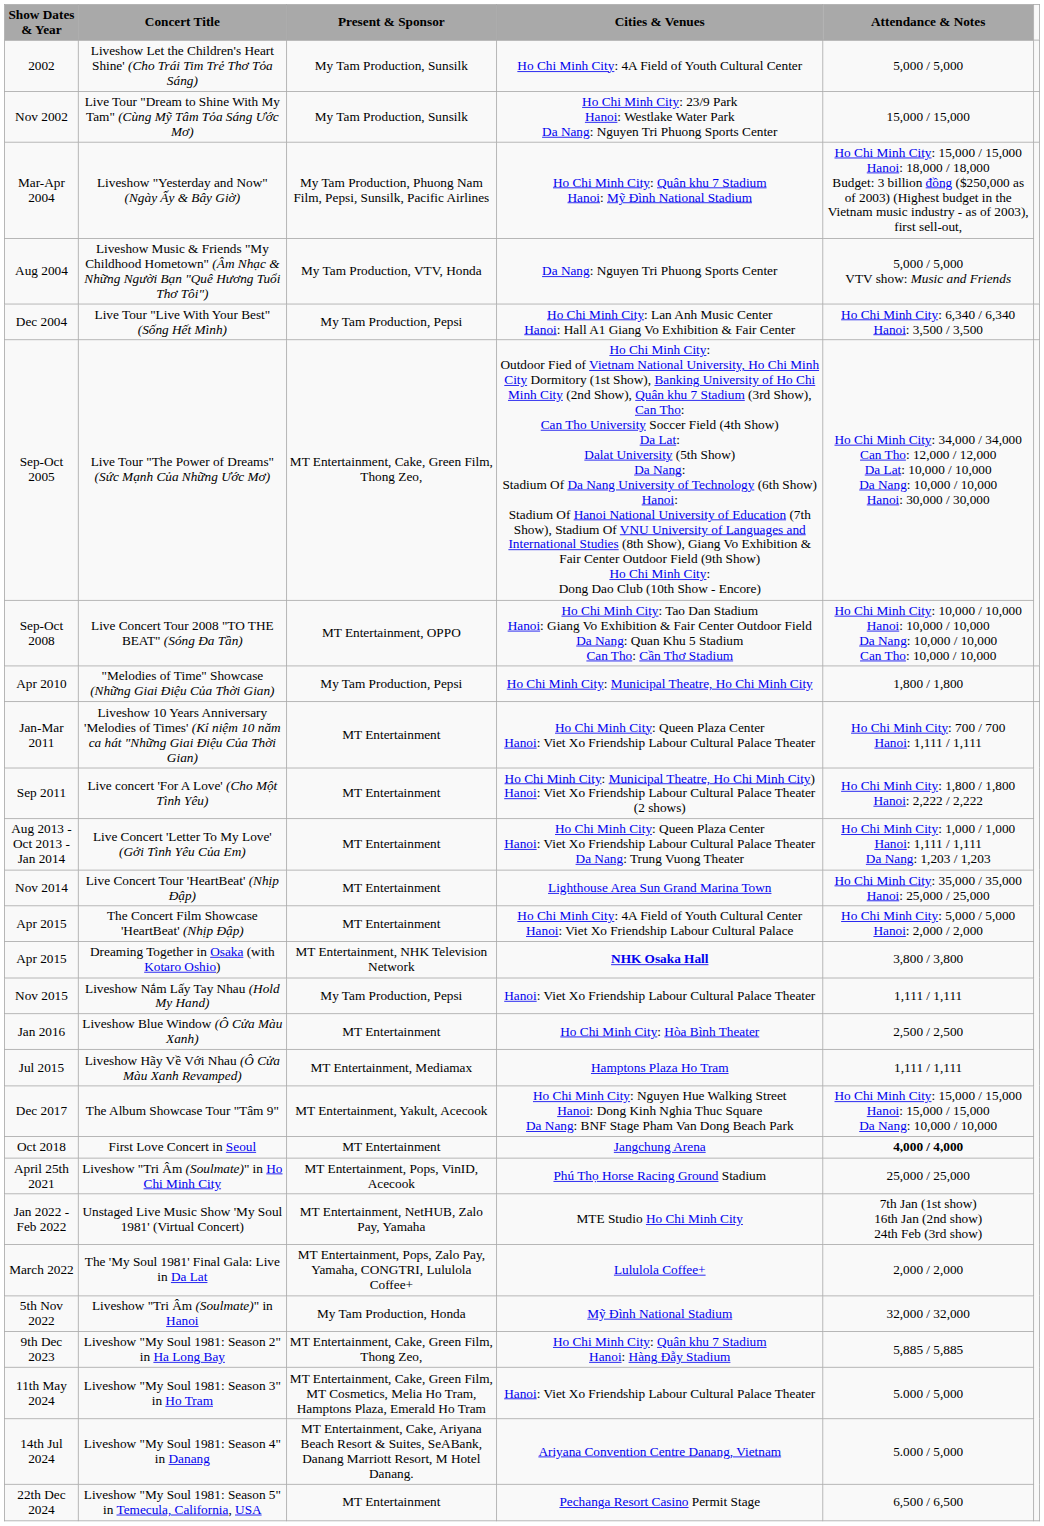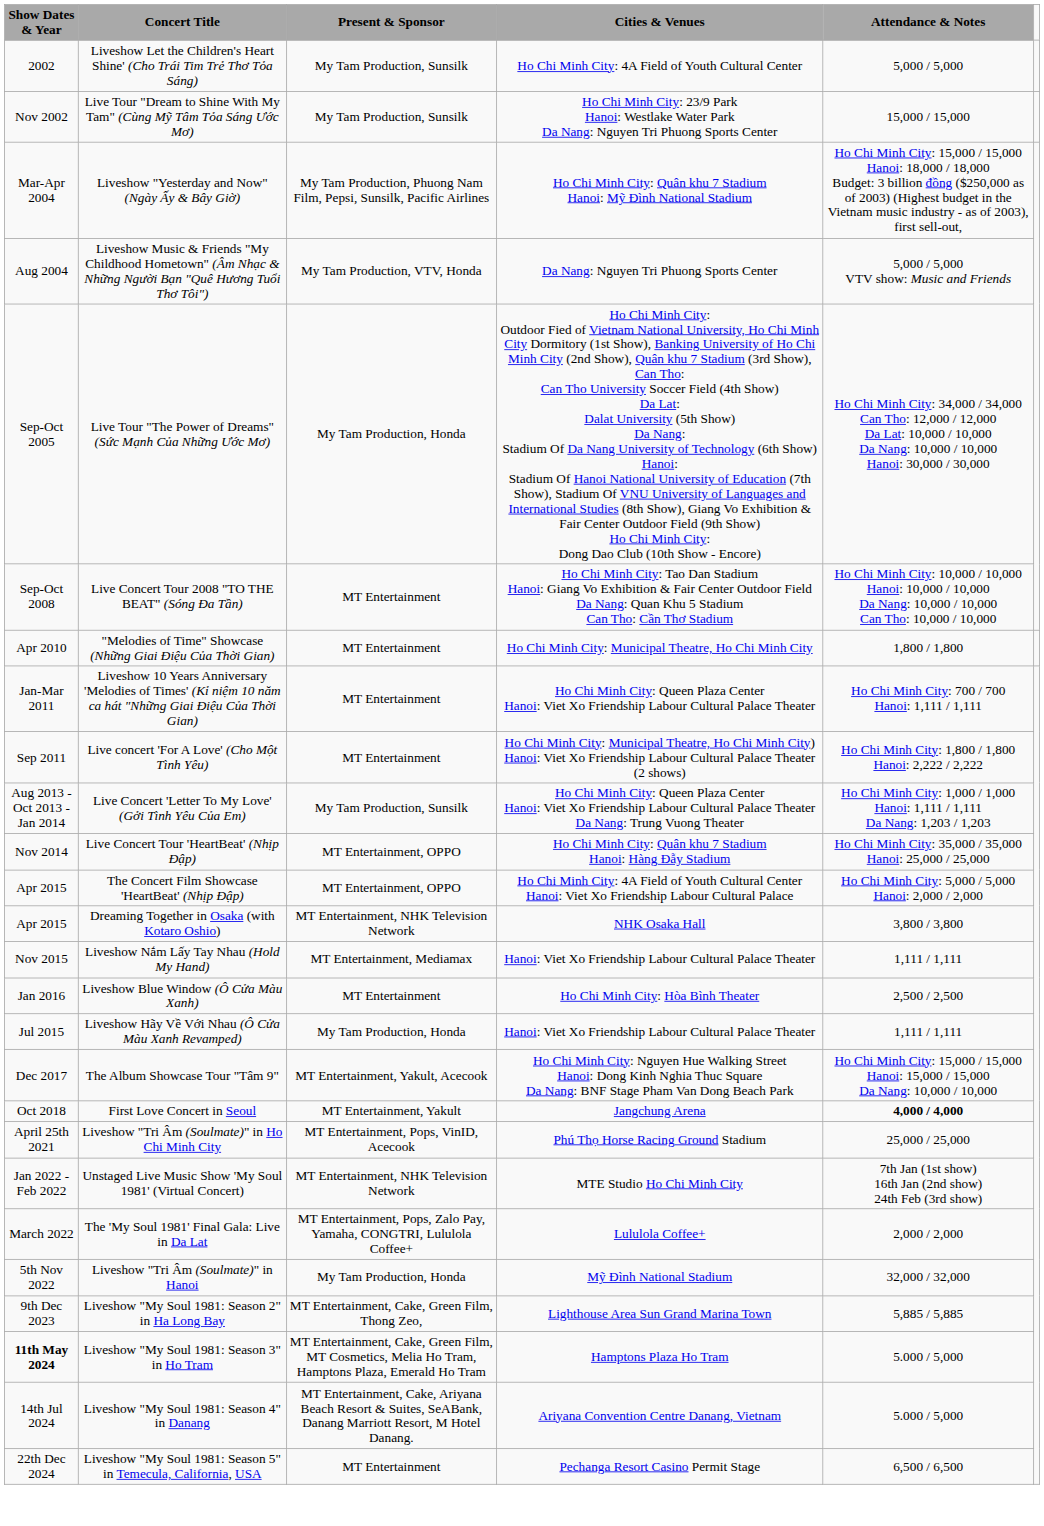 <table class="wikitable"style="text-align:center;">
 <tr>
 <th style="background:darkGrey;">Show Dates & Year</th>
 <th ! style="background:darkGrey;">Concert Title</th>
 <th ! style="background:darkGrey;">Present & Sponsor</th>
 <th ! style="background:darkGrey;">Cities & Venues</th>
 <th ! style="background:darkGrey;">Attendance & Notes</th>
 </tr>
 <tr>
 <td>2002</td>
 <td>Liveshow Let the Children's Heart Shine' <em>(Cho Trái Tim Trẻ Thơ Tỏa Sáng)</em></td>
 <td>My Tam Production, Sunsilk</td>
 <td><a href='#'>Ho Chi Minh City</a>: 4A Field of Youth Cultural Center</td>
 <td>5,000 / 5,000</td>
 <td></td>
 </tr>
 <tr>
 <td>Nov 2002</td>
 <td>Live Tour "Dream to Shine With My Tam" <em>(Cùng Mỹ Tâm Tỏa Sáng Ước Mơ)</em></td>
 <td>My Tam Production, Sunsilk</td>
 <td><a href='#'>Ho Chi Minh City</a>: 23/9 Park<br><a href='#'>Hanoi</a>: Westlake Water Park<br><a href='#'>Da Nang</a>: Nguyen Tri Phuong Sports Center</td>
 <td>15,000 / 15,000</td>
 <td></td>
 </tr>
 <tr>
 <td>Mar-Apr 2004</td>
 <td>Liveshow "Yesterday and Now" <em>(Ngày Ấy & Bây Giờ)</em></td>
 <td>My Tam Production, Phuong Nam Film, Pepsi, Sunsilk, Pacific Airlines</td>
 <td><a href='#'>Ho Chi Minh City</a>: <a href='#'>Quân khu 7 Stadium</a><br><a href='#'>Hanoi</a>: <a href='#'>Mỹ Đình National Stadium</a></td>
 <td><a href='#'>Ho Chi Minh City</a>: 15,000 / 15,000<br><a href='#'>Hanoi</a>: 18,000 / 18,000<br>Budget: 3 billion <a href='#'>đồng</a> ($250,000 as of 2003) (Highest budget in the Vietnam music industry - as of 2003), first sell-out,</td>
 </tr>
 <tr>
 <td>Aug 2004</td>
 <td>Liveshow Music & Friends "My Childhood Hometown" <em>(Âm Nhạc & Những Người Bạn "Quê Hương Tuổi Thơ Tôi")</em></td>
 <td>My Tam Production, VTV, Honda</td>
 <td><a href='#'>Da Nang</a>: Nguyen Tri Phuong Sports Center</td>
 <td>5,000 / 5,000<br>VTV show: <em>Music and Friends</em></td>
 </tr>
 <tr>
-<td>Dec 2004</td>
-<td>Live Tour "Live With Your Best" <em>(Sống Hết Mình)</em></td>
-<td>My Tam Production, Pepsi</td>
-<td><a href='#'>Ho Chi Minh City</a>: Lan Anh Music Center<br><a href='#'>Hanoi</a>: Hall A1 Giang Vo Exhibition & Fair Center</td>
-<td><a href='#'>Ho Chi Minh City</a>: 6,340 / 6,340<br><a href='#'>Hanoi</a>: 3,500 / 3,500</td>
-<td></td>
-</tr>
-<tr>
 <td>Sep-Oct 2005</td>
 <td>Live Tour "The Power of Dreams" <em>(Sức Mạnh Của Những Ước Mơ)</em></td>
-<td>MT Entertainment, Cake, Green Film, Thong Zeo,</td>
+<td>My Tam Production, Honda</td>
 <td><a href='#'>Ho Chi Minh City</a>:<br>Outdoor Fied of <a href='#'>Vietnam National University, Ho Chi Minh City</a> Dormitory (1st Show),  <a href='#'>Banking University of Ho Chi Minh City</a> (2nd Show),  <a href='#'>Quân khu 7 Stadium</a> (3rd Show),<br><a href='#'>Can Tho</a>:<br><a href='#'>Can Tho University</a> Soccer Field (4th Show)<br><a href='#'>Da Lat</a>:<br><a href='#'>Dalat University</a> (5th Show)<br><a href='#'>Da Nang</a>:<br>Stadium Of <a href='#'>Da Nang University of Technology</a> (6th Show)<br><a href='#'>Hanoi</a>:<br>Stadium Of <a href='#'>Hanoi National University of Education</a> (7th Show),  Stadium Of <a href='#'>VNU University of Languages and International Studies</a> (8th Show),  Giang Vo Exhibition & Fair Center Outdoor Field (9th Show)<br><a href='#'>Ho Chi Minh City</a>:<br>Dong Dao Club (10th Show - Encore)</td>
 <td><a href='#'>Ho Chi Minh City</a>: 34,000 / 34,000<br><a href='#'>Can Tho</a>: 12,000 / 12,000<br><a href='#'>Da Lat</a>: 10,000 / 10,000<br><a href='#'>Da Nang</a>: 10,000 / 10,000<br><a href='#'>Hanoi</a>: 30,000 / 30,000</td>
 </tr>
 <tr>
 <td>Sep-Oct 2008</td>
 <td>Live Concert Tour 2008 "TO THE BEAT" <em>(Sóng Đa Tần)</em></td>
-<td>MT Entertainment, OPPO</td>
+<td>MT Entertainment</td>
 <td><a href='#'>Ho Chi Minh City</a>: Tao Dan Stadium<br><a href='#'>Hanoi</a>: Giang Vo Exhibition & Fair Center Outdoor Field<br><a href='#'>Da Nang</a>: Quan Khu 5 Stadium<br><a href='#'>Can Tho</a>: <a href='#'>Cần Thơ Stadium</a></td>
 <td><a href='#'>Ho Chi Minh City</a>: 10,000 / 10,000<br><a href='#'>Hanoi</a>: 10,000 / 10,000<br><a href='#'>Da Nang</a>: 10,000 / 10,000<br><a href='#'>Can Tho</a>: 10,000 / 10,000</td>
 </tr>
 <tr>
 <td>Apr 2010</td>
 <td>"Melodies of Time" Showcase <em>(Những Giai Điệu Của Thời Gian)</em></td>
-<td>My Tam Production, Pepsi</td>
+<td>MT Entertainment</td>
 <td><a href='#'>Ho Chi Minh City</a>: <a href='#'>Municipal Theatre, Ho Chi Minh City</a></td>
 <td>1,800 / 1,800</td>
 <td></td>
 </tr>
 <tr>
 <td>Jan-Mar 2011</td>
 <td>Liveshow 10 Years Anniversary 'Melodies of Times' <em>(Kỉ niệm 10 năm ca hát "Những Giai Điệu Của Thời Gian)</em></td>
 <td>MT Entertainment</td>
 <td><a href='#'>Ho Chi Minh City</a>: Queen Plaza Center<br><a href='#'>Hanoi</a>: Viet Xo Friendship Labour Cultural Palace Theater</td>
 <td><a href='#'>Ho Chi Minh City</a>: 700 / 700<br><a href='#'>Hanoi</a>: 1,111 / 1,111</td>
 </tr>
 <tr>
 <td>Sep 2011</td>
 <td>Live concert 'For A Love' <em>(Cho Một Tình Yêu)</em></td>
 <td>MT Entertainment</td>
 <td><a href='#'>Ho Chi Minh City</a>: <a href='#'>Municipal Theatre, Ho Chi Minh City</a>)<br><a href='#'>Hanoi</a>: Viet Xo Friendship Labour Cultural Palace Theater (2 shows)</td>
 <td><a href='#'>Ho Chi Minh City</a>: 1,800 / 1,800<br><a href='#'>Hanoi</a>: 2,222 / 2,222</td>
 </tr>
 <tr>
 <td>Aug 2013 - Oct 2013 - Jan 2014</td>
 <td>Live Concert 'Letter To My Love' <em>(Gởi Tình Yêu Của Em)</em></td>
-<td>MT Entertainment</td>
+<td>My Tam Production, Sunsilk</td>
 <td><a href='#'>Ho Chi Minh City</a>: Queen Plaza Center<br><a href='#'>Hanoi</a>: Viet Xo Friendship Labour Cultural Palace Theater<br><a href='#'>Da Nang</a>: Trung Vuong Theater</td>
 <td><a href='#'>Ho Chi Minh City</a>: 1,000 / 1,000<br><a href='#'>Hanoi</a>: 1,111 / 1,111<br><a href='#'>Da Nang</a>: 1,203 / 1,203</td>
 </tr>
 <tr>
 <td>Nov 2014</td>
 <td>Live Concert Tour 'HeartBeat' <em>(Nhịp Đập)</em></td>
-<td>MT Entertainment</td>
-<td><a href='#'>Lighthouse Area Sun Grand Marina Town </a></td>
+<td>MT Entertainment, OPPO</td>
+<td><a href='#'>Ho Chi Minh City</a>: <a href='#'>Quân khu 7 Stadium</a><br><a href='#'>Hanoi</a>: <a href='#'>Hàng Đẫy Stadium</a></td>
 <td><a href='#'>Ho Chi Minh City</a>: 35,000 / 35,000<br><a href='#'>Hanoi</a>: 25,000 / 25,000</td>
 </tr>
 <tr>
 <td>Apr 2015</td>
 <td>The Concert Film Showcase 'HeartBeat' <em>(Nhịp Đập)</em></td>
-<td>MT Entertainment</td>
+<td>MT Entertainment, OPPO</td>
 <td><a href='#'>Ho Chi Minh City</a>: 4A Field of Youth Cultural Center<br><a href='#'>Hanoi</a>: Viet Xo Friendship Labour Cultural Palace</td>
 <td><a href='#'>Ho Chi Minh City</a>: 5,000 / 5,000<br><a href='#'>Hanoi</a>: 2,000 / 2,000</td>
 </tr>
 <tr>
 <td>Apr 2015</td>
 <td>Dreaming Together in <a href='#'>Osaka</a> (with <a href='#'>Kotaro Oshio</a>)</td>
 <td>MT Entertainment, NHK Television Network</td>
-<td><strong><a href='#'>NHK Osaka Hall</a></strong></td>
+<td><a href='#'>NHK Osaka Hall</a></td>
 <td>3,800 / 3,800</td>
 </tr>
 <tr>
 <td>Nov 2015</td>
 <td>Liveshow Nắm Lấy Tay Nhau <em>(Hold My Hand)</em></td>
-<td>My Tam Production, Pepsi</td>
+<td>MT Entertainment, Mediamax</td>
 <td><a href='#'>Hanoi</a>: Viet Xo Friendship Labour Cultural Palace Theater</td>
 <td>1,111 / 1,111</td>
 </tr>
 <tr>
 <td>Jan 2016</td>
 <td>Liveshow Blue Window <em>(Ô Cửa Màu Xanh)</em></td>
 <td>MT Entertainment</td>
 <td><a href='#'>Ho Chi Minh City</a>: <a href='#'>Hòa Bình Theater </a></td>
 <td>2,500 / 2,500</td>
 </tr>
 <tr>
 <td>Jul 2015</td>
 <td>Liveshow Hãy Về Với Nhau <em>(Ô Cửa Màu Xanh Revamped)</em></td>
-<td>MT Entertainment, Mediamax</td>
-<td><a href='#'>Hamptons Plaza Ho Tram</a></td>
+<td>My Tam Production, Honda</td>
+<td><a href='#'>Hanoi</a>: Viet Xo Friendship Labour Cultural Palace Theater</td>
 <td>1,111 / 1,111</td>
 </tr>
 <tr>
 <td>Dec 2017</td>
 <td>The Album Showcase Tour "Tâm 9"</td>
 <td>MT Entertainment, Yakult, Acecook</td>
 <td><a href='#'>Ho Chi Minh City</a>: Nguyen Hue Walking Street<br><a href='#'>Hanoi</a>: Dong Kinh Nghia Thuc Square<br><a href='#'>Da Nang</a>: BNF Stage Pham Van Dong Beach Park</td>
 <td><a href='#'>Ho Chi Minh City</a>: 15,000 / 15,000<br><a href='#'>Hanoi</a>: 15,000 / 15,000<br><a href='#'>Da Nang</a>: 10,000 / 10,000</td>
 </tr>
 <tr>
 <td>Oct 2018</td>
 <td>First Love Concert in <a href='#'>Seoul</a></td>
-<td>MT Entertainment</td>
+<td>MT Entertainment, Yakult</td>
 <td><a href='#'>Jangchung Arena</a></td>
 <td><strong>4,000 / 4,000</strong></td>
 </tr>
 <tr>
 <td>April 25th 2021</td>
 <td>Liveshow "Tri Âm <em>(Soulmate)</em>" in <a href='#'>Ho Chi Minh City</a></td>
 <td>MT Entertainment, Pops, VinID, Acecook</td>
 <td><a href='#'>Phú Thọ Horse Racing Ground</a> Stadium</td>
 <td>25,000 / 25,000</td>
 </tr>
 <tr>
 <td>Jan 2022 - Feb 2022</td>
 <td>Unstaged Live Music Show 'My Soul 1981' (Virtual Concert)</td>
-<td>MT Entertainment, NetHUB, Zalo Pay, Yamaha</td>
+<td>MT Entertainment, NHK Television Network</td>
 <td>MTE Studio <a href='#'>Ho Chi Minh City</a></td>
 <td>7th Jan (1st show)<br>16th Jan (2nd show)<br>24th Feb (3rd show)</td>
 </tr>
 <tr>
 <td>March 2022</td>
 <td>The 'My Soul 1981' Final Gala: Live in <a href='#'>Da Lat</a></td>
 <td>MT Entertainment, Pops, Zalo Pay, Yamaha, CONGTRI, Lululola Coffee+</td>
 <td><a href='#'>Lululola Coffee+</a></td>
 <td>2,000 / 2,000</td>
 </tr>
 <tr>
 <td>5th Nov 2022</td>
 <td>Liveshow "Tri Âm <em>(Soulmate)</em>" in <a href='#'>Hanoi</a></td>
 <td>My Tam Production, Honda</td>
 <td><a href='#'>Mỹ Đình National Stadium</a></td>
 <td>32,000 / 32,000</td>
 </tr>
 <tr>
 <td>9th Dec 2023</td>
 <td>Liveshow "My Soul 1981: Season 2" in <a href='#'>Ha Long Bay</a></td>
 <td>MT Entertainment, Cake, Green Film, Thong Zeo,</td>
-<td><a href='#'>Ho Chi Minh City</a>: <a href='#'>Quân khu 7 Stadium</a><br><a href='#'>Hanoi</a>: <a href='#'>Hàng Đẫy Stadium</a></td>
+<td><a href='#'>Lighthouse Area Sun Grand Marina Town </a></td>
 <td>5,885 / 5,885</td>
 </tr>
 <tr>
-<td>11th May 2024</td>
+<td><strong>11th May 2024</strong></td>
 <td>Liveshow "My Soul 1981: Season 3" in <a href='#'>Ho Tram</a></td>
 <td>MT Entertainment, Cake, Green Film, MT Cosmetics, Melia Ho Tram, Hamptons Plaza, Emerald Ho Tram</td>
-<td><a href='#'>Hanoi</a>: Viet Xo Friendship Labour Cultural Palace Theater</td>
+<td><a href='#'>Hamptons Plaza Ho Tram</a></td>
 <td>5.000 / 5,000</td>
 </tr>
 <tr>
 <td>14th Jul 2024</td>
 <td>Liveshow "My Soul 1981: Season 4" in <a href='#'>Danang</a></td>
 <td>MT Entertainment, Cake, Ariyana Beach Resort & Suites, SeABank, Danang Marriott Resort, M Hotel Danang.</td>
 <td><a href='#'>Ariyana Convention Centre Danang, Vietnam</a></td>
 <td>5.000 / 5,000</td>
 </tr>
 <tr>
 <td>22th Dec 2024</td>
 <td>Liveshow "My Soul 1981: Season 5" in <a href='#'>Temecula, California</a>, <a href='#'>USA</a></td>
 <td>MT Entertainment</td>
 <td><a href='#'>Pechanga Resort Casino</a> Permit Stage</td>
 <td>6,500 / 6,500</td>
 </tr>
 </table>
